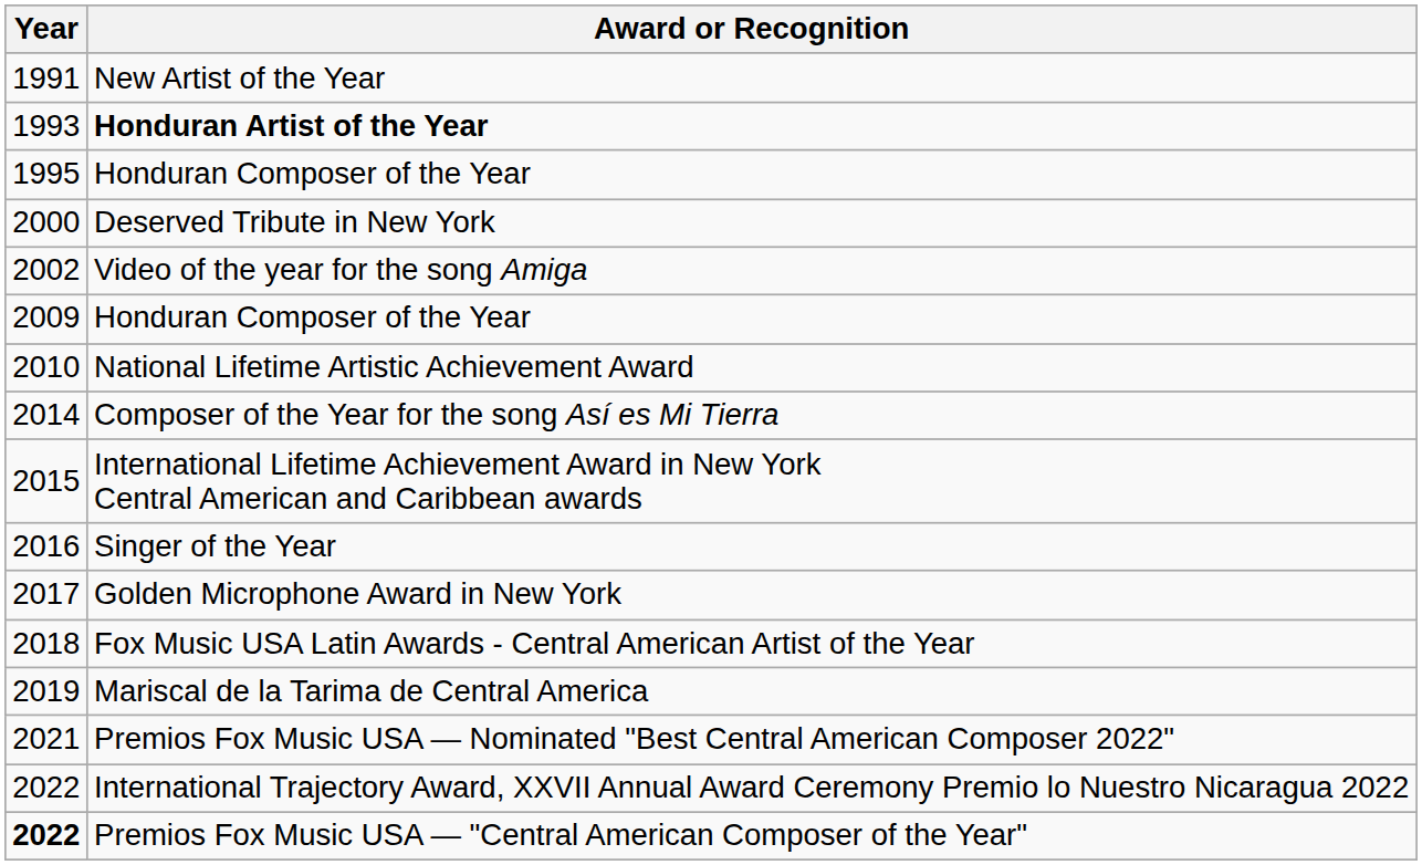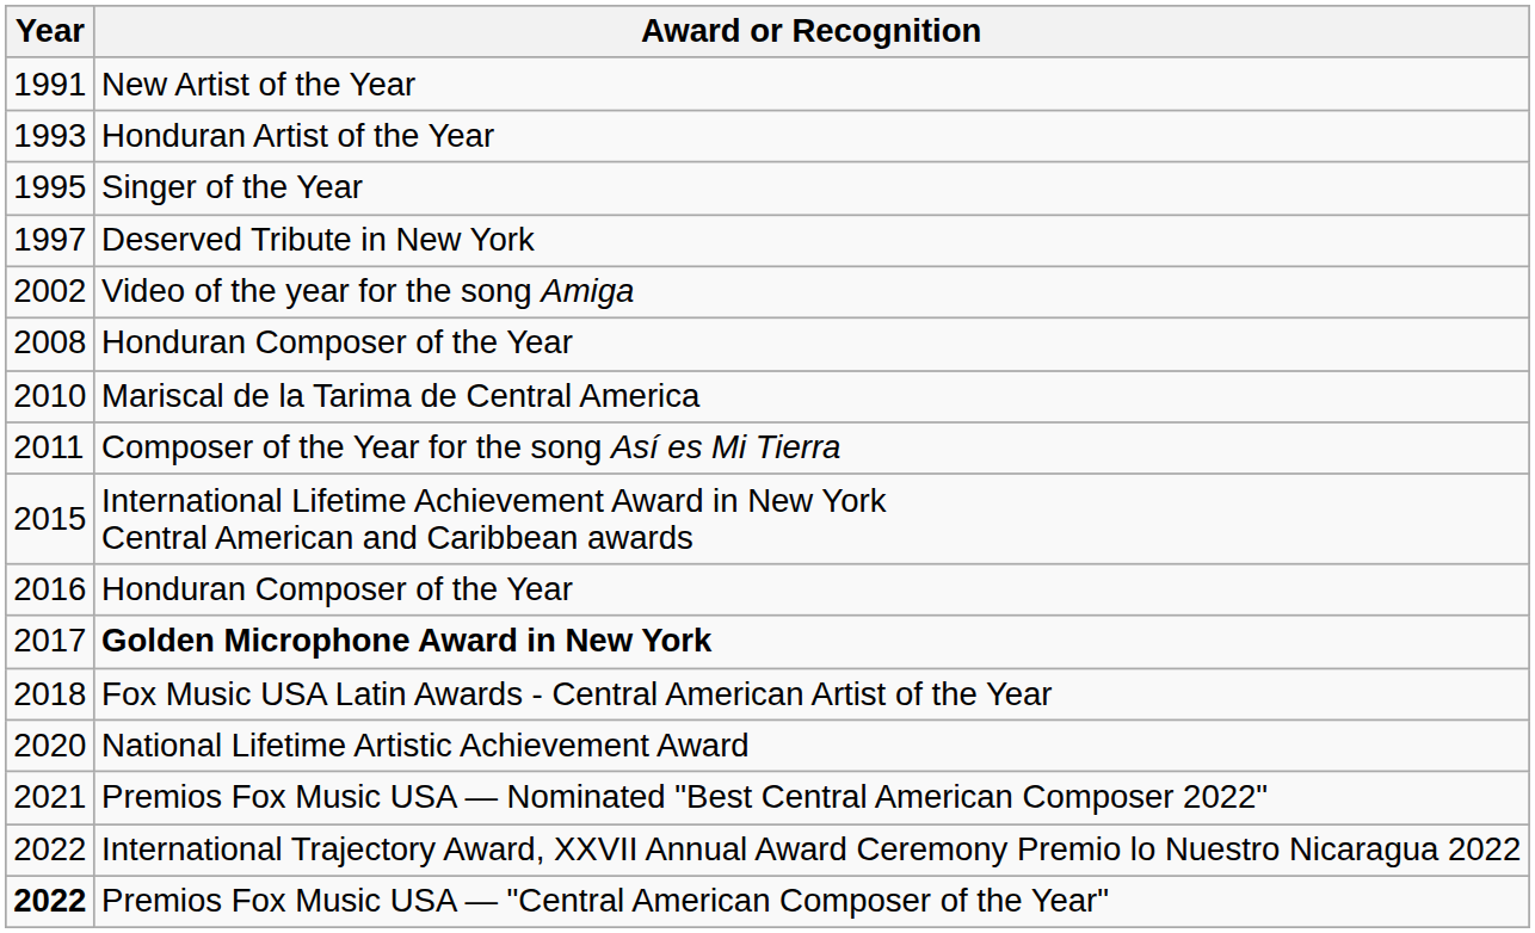 <table class="wikitable">
 <tr>
 <th>Year</th>
 <th>Award or Recognition</th>
 </tr>
 <tr>
 <td>1991</td>
 <td>New Artist of the Year</td>
 </tr>
 <tr>
 <td>1993</td>
-<td><strong>Honduran Artist of the Year</strong></td>
+<td>Honduran Artist of the Year</td>
 </tr>
 <tr>
 <td>1995</td>
-<td>Honduran Composer of the Year</td>
+<td>Singer of the Year</td>
 </tr>
 <tr>
-<td>2000</td>
+<td>1997</td>
 <td>Deserved Tribute in New York</td>
 </tr>
 <tr>
 <td>2002</td>
 <td>Video of the year for the song <em>Amiga</em></td>
 </tr>
 <tr>
-<td>2009</td>
+<td>2008</td>
 <td>Honduran Composer of the Year</td>
 </tr>
 <tr>
 <td>2010</td>
-<td>National Lifetime Artistic Achievement Award</td>
+<td>Mariscal de la Tarima de Central America</td>
 </tr>
 <tr>
-<td>2014</td>
+<td>2011</td>
 <td>Composer of the Year for the song <em>Así es Mi Tierra</em></td>
 </tr>
 <tr>
 <td>2015</td>
 <td>International Lifetime Achievement Award in New York<br>Central American and Caribbean awards</td>
 </tr>
 <tr>
 <td>2016</td>
-<td>Singer of the Year</td>
+<td>Honduran Composer of the Year</td>
 </tr>
 <tr>
 <td>2017</td>
-<td>Golden Microphone Award in New York</td>
+<td><strong>Golden Microphone Award in New York</strong></td>
 </tr>
 <tr>
 <td>2018</td>
 <td>Fox Music USA Latin Awards - Central American Artist of the Year </td>
 </tr>
 <tr>
-<td>2019</td>
-<td>Mariscal de la Tarima de Central America</td>
+<td>2020</td>
+<td>National Lifetime Artistic Achievement Award</td>
 </tr>
 <tr>
 <td>2021</td>
 <td>Premios Fox Music USA — Nominated "Best Central American Composer 2022"</td>
 </tr>
 <tr>
 <td>2022</td>
 <td>International Trajectory Award, XXVII Annual Award Ceremony Premio lo Nuestro Nicaragua 2022</td>
 </tr>
 <tr>
 <td><strong>2022</strong></td>
 <td>Premios Fox Music USA — "Central American Composer of the Year"</td>
 </tr>
 </table>
